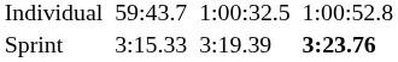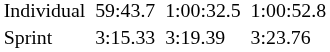 <table>
 <tr>
 <td>Individual</td>
 <td></td>
 <td>59:43.7</td>
 <td></td>
 <td>1:00:32.5</td>
 <td></td>
 <td>1:00:52.8</td>
 </tr>
 <tr>
 <td>Sprint</td>
 <td></td>
 <td>3:15.33</td>
 <td></td>
 <td>3:19.39</td>
 <td></td>
-<td><strong>3:23.76</strong></td>
+<td>3:23.76</td>
 </tr>
 </table>
